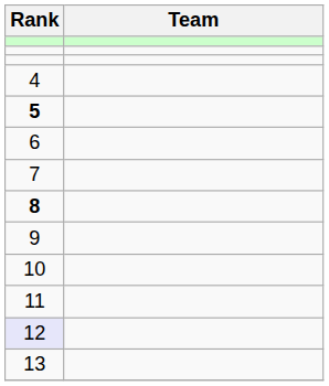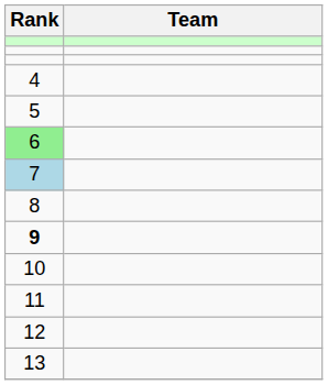 <table class="wikitable" style="text-align:center">
 <tr>
 <th width=40>Rank</th>
 <th width=200>Team</th>
 </tr>
 <tr bgcolor=#ccffcc>
 <td></td>
 <td style="text-align:left"></td>
 </tr>
 <tr>
 <td></td>
 <td style="text-align:left"></td>
 </tr>
 <tr>
 <td></td>
 <td style="text-align:left"></td>
 </tr>
 <tr>
 <td>4</td>
 <td style="text-align:left"></td>
 </tr>
 <tr>
-<td><strong>5</strong></td>
+<td>5</td>
 <td style="text-align:left"></td>
 </tr>
 <tr>
-<td>6</td>
+<td style="background: lightgreen;">6</td>
 <td style="text-align:left"></td>
 </tr>
 <tr>
-<td>7</td>
+<td style="background: lightblue;">7</td>
 <td style="text-align:left"></td>
 </tr>
 <tr>
-<td><strong>8</strong></td>
+<td>8</td>
 <td style="text-align:left"></td>
 </tr>
 <tr>
-<td>9</td>
+<td><strong>9</strong></td>
 <td style="text-align:left"></td>
 </tr>
 <tr>
 <td>10</td>
 <td style="text-align:left"></td>
 </tr>
 <tr>
 <td>11</td>
 <td style="text-align:left"></td>
 </tr>
 <tr>
-<td style="background: lavender;">12</td>
+<td>12</td>
 <td style="text-align:left"></td>
 </tr>
 <tr>
 <td>13</td>
 <td style="text-align:left"></td>
 </tr>
 <tr>
 </tr>
 </table>
